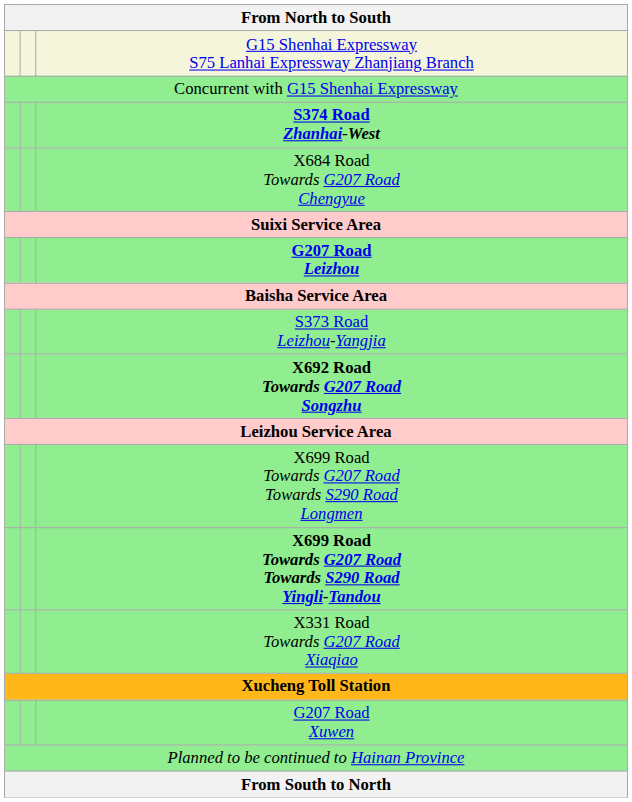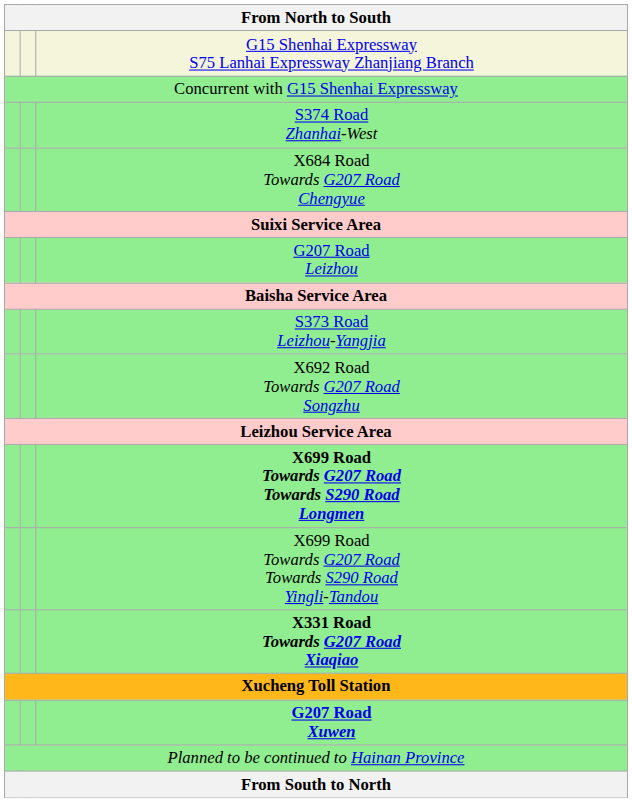 <table class="wikitable" style="text-align:center" width="600px">
 <tr>
 <th text-align="center" colspan="3"> From North to South </th>
 </tr>
 <tr style="background:#f5f5dc;">
 <td></td>
 <td></td>
 <td> <a href='#'>G15 Shenhai Expressway</a><br> <a href='#'>S75 Lanhai Expressway Zhanjiang Branch</a></td>
 </tr>
 <tr style="background:#90ee90;">
 <td colspan="7" align="center"> Concurrent with  <a href='#'>G15 Shenhai Expressway</a> </td>
 </tr>
 <tr style="background:#90ee90;">
 <td></td>
 <td></td>
-<td><strong> <a href='#'>S374 Road</a><br><em><a href='#'>Zhanhai</a>-West</em></strong></td>
+<td> <a href='#'>S374 Road</a><br><em><a href='#'>Zhanhai</a>-West</em></td>
 </tr>
 <tr style="background:#90ee90;">
 <td></td>
 <td></td>
 <td> X684 Road<br><em>Towards  <a href='#'>G207 Road</a></em><br><em><a href='#'>Chengyue</a></em></td>
 </tr>
 <tr style="background:#ffcbcb;">
 <td colspan="7"> <strong>Suixi Service Area</strong></td>
 </tr>
 <tr style="background:#90ee90;">
 <td></td>
 <td></td>
-<td><strong> <a href='#'>G207 Road</a><br><em><a href='#'>Leizhou</a></em></strong></td>
+<td> <a href='#'>G207 Road</a><br><em><a href='#'>Leizhou</a></em></td>
 </tr>
 <tr style="background:#ffcbcb;">
 <td colspan="7"> <strong>Baisha Service Area</strong></td>
 </tr>
 <tr style="background:#90ee90;">
 <td></td>
 <td></td>
 <td> <a href='#'>S373 Road</a><br><em><a href='#'>Leizhou</a>-<a href='#'>Yangjia</a></em></td>
 </tr>
 <tr style="background:#90ee90;">
 <td></td>
 <td></td>
-<td><strong> X692 Road<br><em>Towards  <a href='#'>G207 Road</a></em><br><em><a href='#'>Songzhu</a></em></strong></td>
+<td> X692 Road<br><em>Towards  <a href='#'>G207 Road</a></em><br><em><a href='#'>Songzhu</a></em></td>
 </tr>
 <tr style="background:#ffcbcb;">
 <td colspan="7"> <strong>Leizhou Service Area</strong></td>
 </tr>
 <tr style="background:#90ee90;">
 <td></td>
 <td></td>
-<td> X699 Road<br><em>Towards  <a href='#'>G207 Road</a></em><br><em>Towards  <a href='#'>S290 Road</a></em><br><em><a href='#'>Longmen</a></em></td>
+<td><strong> X699 Road<br><em>Towards  <a href='#'>G207 Road</a></em><br><em>Towards  <a href='#'>S290 Road</a></em><br><em><a href='#'>Longmen</a></em></strong></td>
 </tr>
 <tr style="background:#90ee90;">
 <td></td>
 <td></td>
-<td><strong> X699 Road<br><em>Towards  <a href='#'>G207 Road</a></em><br><em>Towards  <a href='#'>S290 Road</a></em><br><em><a href='#'>Yingli</a>-<a href='#'>Tandou</a></em></strong></td>
+<td> X699 Road<br><em>Towards  <a href='#'>G207 Road</a></em><br><em>Towards  <a href='#'>S290 Road</a></em><br><em><a href='#'>Yingli</a>-<a href='#'>Tandou</a></em></td>
 </tr>
 <tr style="background:#90ee90;">
 <td></td>
 <td></td>
-<td> X331 Road<br><em>Towards  <a href='#'>G207 Road</a></em><br><em><a href='#'>Xiaqiao</a></em></td>
+<td><strong> X331 Road<br><em>Towards  <a href='#'>G207 Road</a></em><br><em><a href='#'>Xiaqiao</a></em></strong></td>
 </tr>
 <tr>
 <td colspan="7" style="background:#FFB71A;color:#000;text-align:center;"> <strong>Xucheng Toll Station</strong></td>
 </tr>
 <tr style="background:#90ee90;">
 <td></td>
 <td><br></td>
-<td> <a href='#'>G207 Road</a><br><em><a href='#'>Xuwen</a></em></td>
+<td><strong> <a href='#'>G207 Road</a><br><em><a href='#'>Xuwen</a></em></strong></td>
 </tr>
 <tr style="background:#90ee90;">
 <td colspan="7" align="center"><em>Planned to be continued to <a href='#'>Hainan Province</a></em></td>
 </tr>
 <tr>
 <th text-align="center" colspan="3"> From South to North </th>
 </tr>
 </table>
